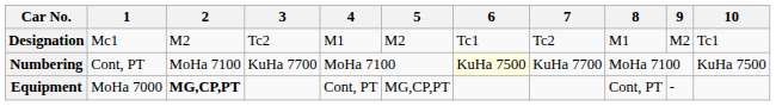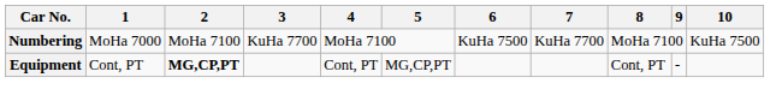 <table class="wikitable">
 <tr>
 <th>Car No.</th>
 <th>1</th>
 <th>2</th>
 <th>3</th>
 <th>4</th>
 <th>5</th>
 <th>6</th>
 <th>7</th>
 <th>8</th>
 <th>9</th>
 <th>10</th>
 </tr>
 <tr>
-<th>Designation</th>
-<td>Mc1</td>
-<td>M2</td>
-<td>Tc2</td>
-<td>M1</td>
-<td>M2</td>
-<td>Tc1</td>
-<td>Tc2</td>
-<td>M1</td>
-<td>M2</td>
-<td>Tc1</td>
-</tr>
-<tr>
 <th>Numbering</th>
-<td>Cont, PT</td>
+<td>MoHa 7000</td>
 <td>MoHa 7100</td>
 <td>KuHa 7700</td>
 <td colspan="2">MoHa 7100</td>
-<td style="background: lightyellow;">KuHa 7500</td>
+<td>KuHa 7500</td>
 <td>KuHa 7700</td>
 <td colspan="2">MoHa 7100</td>
 <td>KuHa 7500</td>
 </tr>
 <tr>
 <th>Equipment</th>
-<td>MoHa 7000</td>
+<td>Cont, PT</td>
 <td><strong>MG,CP,PT</strong></td>
 <td></td>
 <td>Cont, PT</td>
 <td>MG,CP,PT</td>
 <td></td>
 <td></td>
 <td>Cont, PT</td>
 <td MG,CP,PT>-</td>
 </tr>
 </table>
